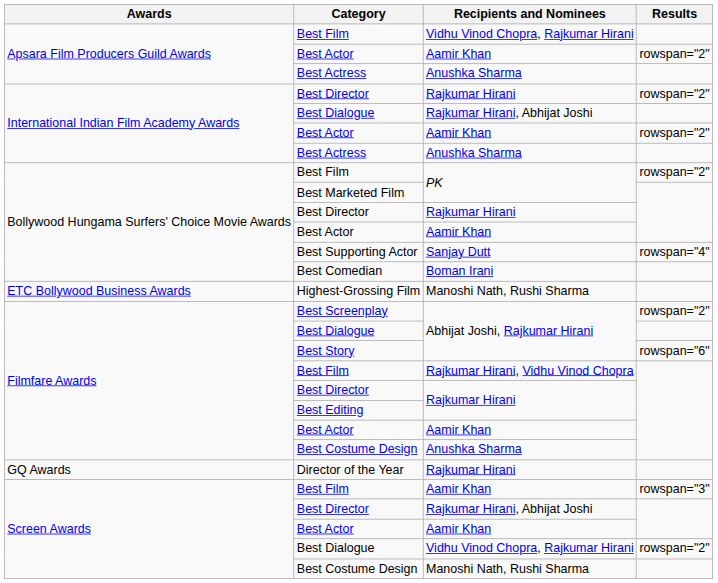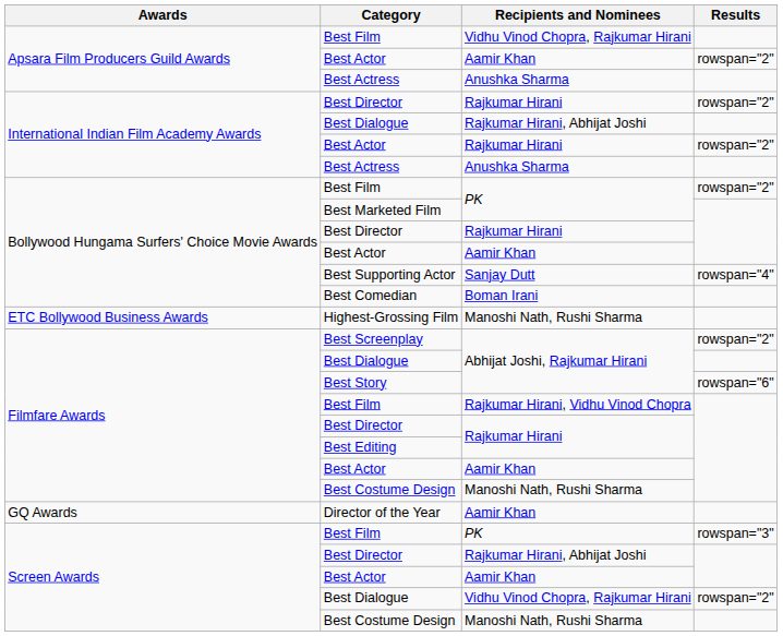 <table class="wikitable plainrowheaders sortable">
 <tr>
 <th>Awards</th>
 <th>Category</th>
 <th>Recipients and Nominees</th>
 <th>Results</th>
 </tr>
 <tr>
 <td rowspan="3"><a href='#'>Apsara Film Producers Guild Awards</a></td>
 <td><a href='#'>Best Film</a></td>
 <td><a href='#'>Vidhu Vinod Chopra</a>, <a href='#'>Rajkumar Hirani</a></td>
 <td></td>
 </tr>
 <tr>
 <td><a href='#'>Best Actor</a></td>
 <td><a href='#'>Aamir Khan</a></td>
 <td>rowspan="2" </td>
 </tr>
 <tr>
 <td><a href='#'>Best Actress</a></td>
 <td><a href='#'>Anushka Sharma</a></td>
 </tr>
 <tr>
 <td rowspan="4"><a href='#'>International Indian Film Academy Awards</a></td>
 <td><a href='#'>Best Director</a></td>
 <td><a href='#'>Rajkumar Hirani</a></td>
 <td>rowspan="2" </td>
 </tr>
 <tr>
 <td><a href='#'>Best Dialogue</a></td>
 <td><a href='#'>Rajkumar Hirani</a>, Abhijat Joshi</td>
 </tr>
 <tr>
 <td><a href='#'>Best Actor</a></td>
-<td><a href='#'>Aamir Khan</a></td>
+<td><a href='#'>Rajkumar Hirani</a></td>
 <td>rowspan="2" </td>
 </tr>
 <tr>
 <td><a href='#'>Best Actress</a></td>
 <td><a href='#'>Anushka Sharma</a></td>
 </tr>
 <tr>
 <td rowspan="6">Bollywood Hungama Surfers' Choice Movie Awards</td>
 <td>Best Film</td>
 <td rowspan="2"><em>PK</em></td>
 <td>rowspan="2" </td>
 </tr>
 <tr>
 <td>Best Marketed Film</td>
 </tr>
 <tr>
 <td>Best Director</td>
 <td><a href='#'>Rajkumar Hirani</a></td>
 </tr>
 <tr>
 <td>Best Actor</td>
 <td><a href='#'>Aamir Khan</a></td>
 </tr>
 <tr>
 <td>Best Supporting Actor</td>
 <td><a href='#'>Sanjay Dutt</a></td>
 <td>rowspan="4" </td>
 </tr>
 <tr>
 <td>Best Comedian</td>
 <td><a href='#'>Boman Irani</a></td>
 </tr>
 <tr>
 <td><a href='#'>ETC Bollywood Business Awards</a></td>
 <td>Highest-Grossing Film</td>
 <td>Manoshi Nath, Rushi Sharma</td>
 <td></td>
 </tr>
 <tr>
 <td rowspan="8"><a href='#'>Filmfare Awards</a></td>
 <td><a href='#'>Best Screenplay</a></td>
 <td rowspan="3">Abhijat Joshi, <a href='#'>Rajkumar Hirani</a></td>
 <td>rowspan="2" </td>
 </tr>
 <tr>
 <td><a href='#'>Best Dialogue</a></td>
 </tr>
 <tr>
 <td><a href='#'>Best Story</a></td>
 <td>rowspan="6" </td>
 </tr>
 <tr>
 <td><a href='#'>Best Film</a></td>
 <td><a href='#'>Rajkumar Hirani</a>, <a href='#'>Vidhu Vinod Chopra</a></td>
 </tr>
 <tr>
 <td><a href='#'>Best Director</a></td>
 <td rowspan="2"><a href='#'>Rajkumar Hirani</a></td>
 </tr>
 <tr>
 <td><a href='#'>Best Editing</a></td>
 </tr>
 <tr>
 <td><a href='#'>Best Actor</a></td>
 <td><a href='#'>Aamir Khan</a></td>
 </tr>
 <tr>
 <td><a href='#'>Best Costume Design</a></td>
-<td><a href='#'>Anushka Sharma</a></td>
+<td>Manoshi Nath, Rushi Sharma</td>
 </tr>
 <tr>
 <td>GQ Awards</td>
 <td>Director of the Year</td>
-<td><a href='#'>Rajkumar Hirani</a></td>
+<td><a href='#'>Aamir Khan</a></td>
 <td></td>
 </tr>
 <tr>
 <td rowspan="5"><a href='#'>Screen Awards</a></td>
 <td><a href='#'>Best Film</a></td>
-<td><a href='#'>Aamir Khan</a></td>
+<td><em>PK</em></td>
 <td>rowspan="3" </td>
 </tr>
 <tr>
 <td><a href='#'>Best Director</a></td>
 <td><a href='#'>Rajkumar Hirani</a>, Abhijat Joshi</td>
 </tr>
 <tr>
 <td><a href='#'>Best Actor</a></td>
 <td><a href='#'>Aamir Khan</a></td>
 </tr>
 <tr>
 <td>Best Dialogue</td>
 <td><a href='#'>Vidhu Vinod Chopra</a>, <a href='#'>Rajkumar Hirani</a></td>
 <td>rowspan="2" </td>
 </tr>
 <tr>
 <td>Best Costume Design</td>
 <td>Manoshi Nath, Rushi Sharma</td>
 </tr>
 </table>
